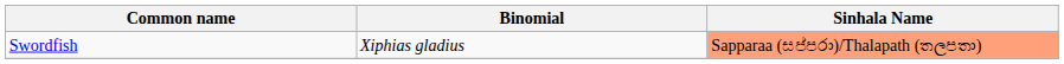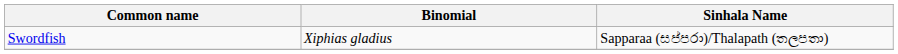 <table width=80% class="wikitable">
 <tr>
 <th width=20%>Common name</th>
 <th width=20%>Binomial</th>
 <th width=20%>Sinhala Name</th>
 </tr>
 <tr>
 <td><a href='#'>Swordfish</a></td>
 <td><em>Xiphias gladius</em></td>
-<td style="background: lightsalmon;">Sapparaa (සප්පරා)/Thalapath (තලපතා)</td>
+<td>Sapparaa (සප්පරා)/Thalapath (තලපතා)</td>
 </tr>
 <tr>
 </tr>
 </table>
